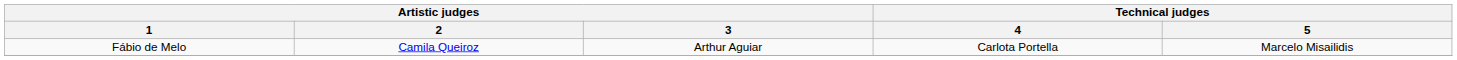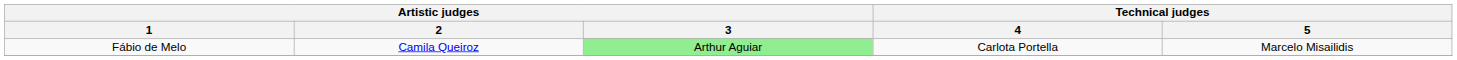 <table class="wikitable" style="font-size:100%; line-height:16px; text-align:center" width="100%">
 <tr>
 <th colspan=3>Artistic judges</th>
 <th colspan=2>Technical judges</th>
 </tr>
 <tr>
 <th style="width:20.0%;">1</th>
 <th style="width:20.0%;">2</th>
 <th style="width:20.0%;">3</th>
 <th style="width:20.0%;">4</th>
 <th style="width:20.0%;">5</th>
 </tr>
 <tr>
 <td>Fábio de Melo</td>
 <td><a href='#'>Camila Queiroz</a></td>
-<td>Arthur Aguiar</td>
+<td style="background: lightgreen;">Arthur Aguiar</td>
 <td>Carlota Portella</td>
 <td>Marcelo Misailidis</td>
 </tr>
 <tr>
 </tr>
 </table>
